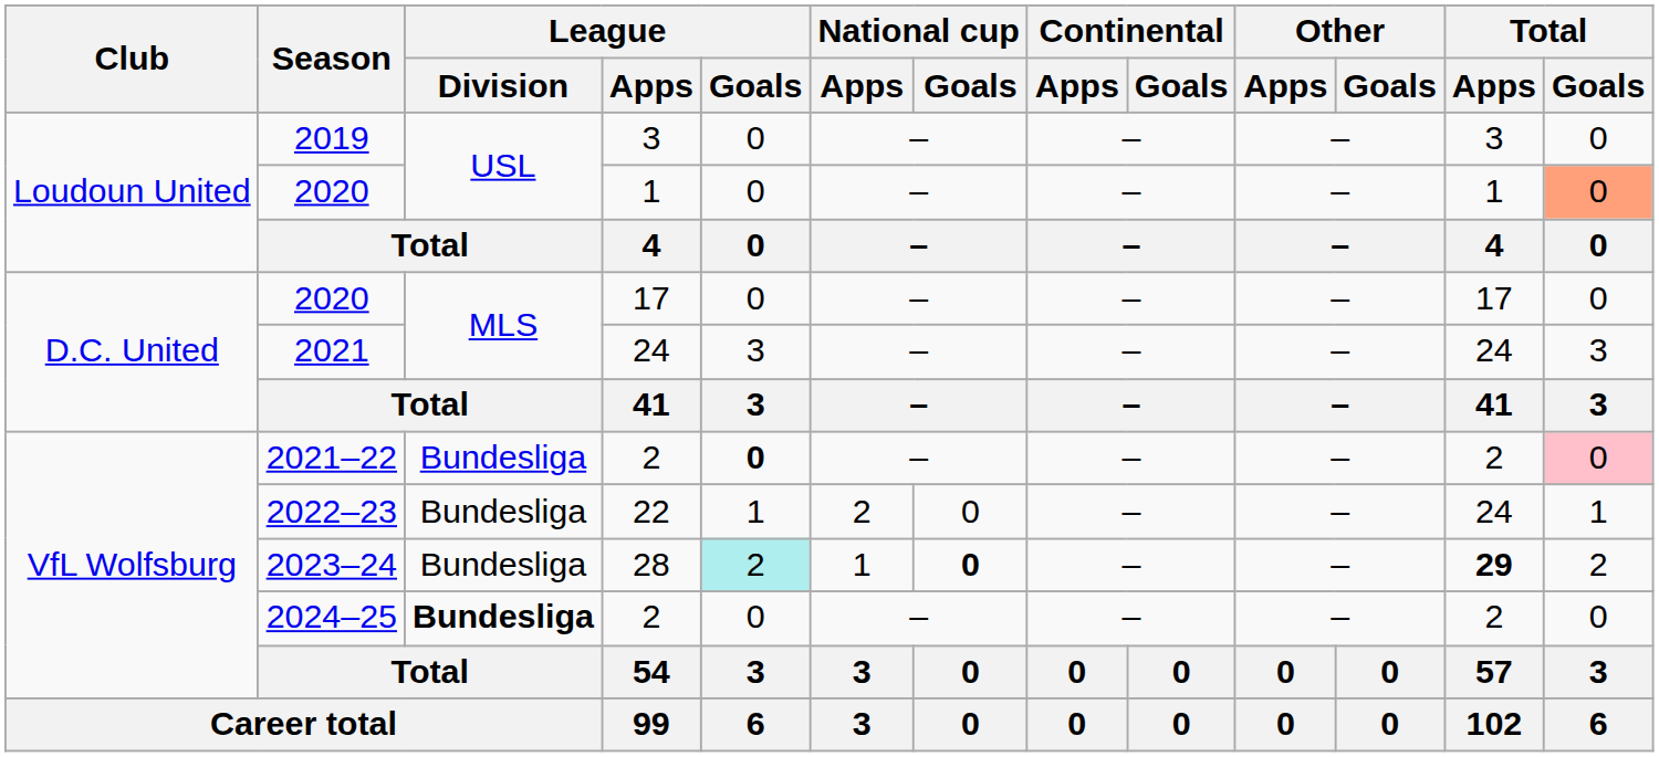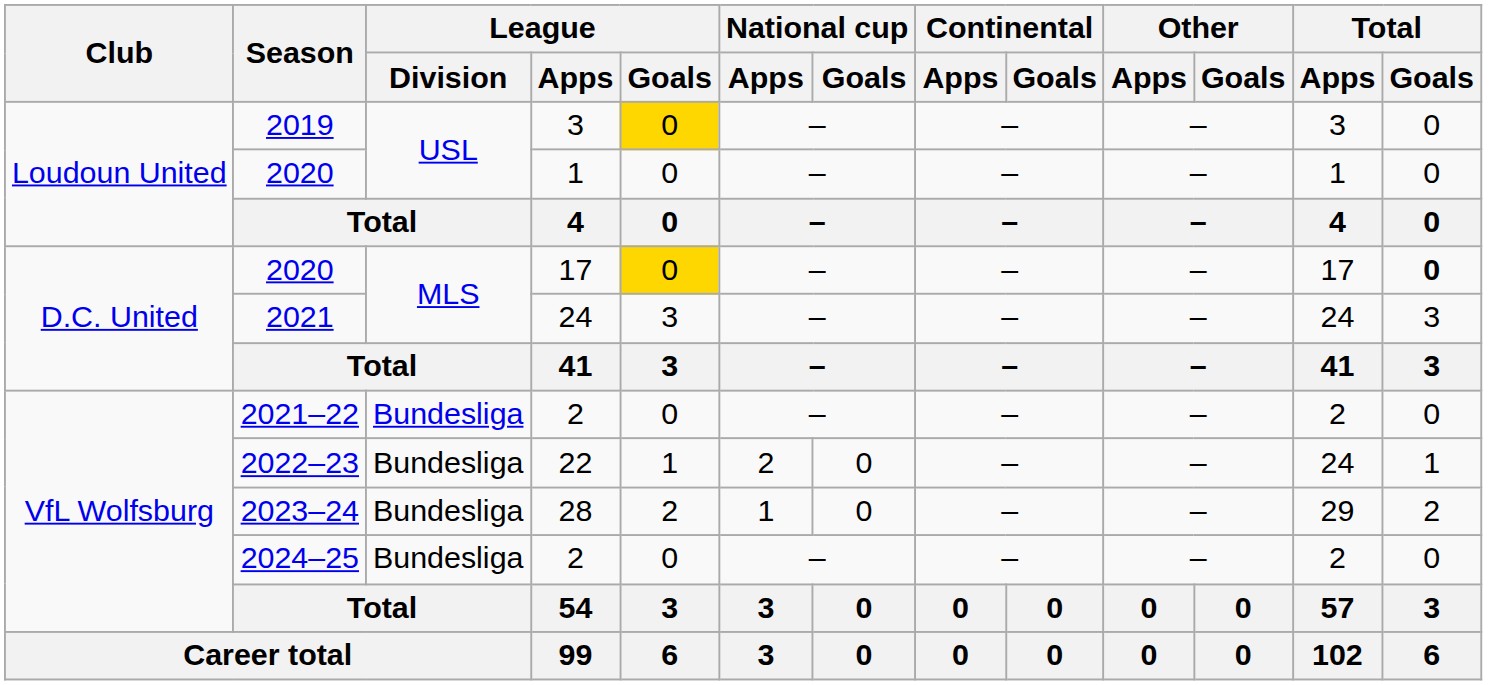 <table class="wikitable" style="text-align: center">
 <tr>
 <th rowspan="2">Club</th>
 <th rowspan="2">Season</th>
 <th colspan="3">League</th>
 <th colspan="2">National cup</th>
 <th colspan="2">Continental</th>
 <th colspan="2">Other</th>
 <th colspan="2">Total</th>
 </tr>
 <tr>
 <th>Division</th>
 <th>Apps</th>
 <th>Goals</th>
 <th>Apps</th>
 <th>Goals</th>
 <th>Apps</th>
 <th>Goals</th>
 <th>Apps</th>
 <th>Goals</th>
 <th>Apps</th>
 <th>Goals</th>
 </tr>
 <tr>
 <td rowspan=3><a href='#'>Loudoun United</a></td>
 <td><a href='#'>2019</a></td>
 <td rowspan="2"><a href='#'>USL</a></td>
 <td>3</td>
-<td>0</td>
+<td style="background: gold;">0</td>
 <td colspan="2">–</td>
 <td colspan="2">–</td>
 <td colspan="2">–</td>
 <td>3</td>
 <td>0</td>
 </tr>
 <tr>
 <td><a href='#'>2020</a></td>
 <td>1</td>
 <td>0</td>
 <td colspan="2">–</td>
 <td colspan="2">–</td>
 <td colspan="2">–</td>
 <td>1</td>
-<td style="background: lightsalmon;">0</td>
+<td>0</td>
 </tr>
 <tr>
 <th colspan="2"><strong>Total</strong></th>
 <th>4</th>
 <th>0</th>
 <th colspan="2">–</th>
 <th colspan="2">–</th>
 <th colspan="2">–</th>
 <th>4</th>
 <th>0</th>
 </tr>
 <tr>
 <td rowspan=3><a href='#'>D.C. United</a></td>
 <td><a href='#'>2020</a></td>
 <td rowspan="2"><a href='#'>MLS</a></td>
 <td>17</td>
-<td>0</td>
+<td style="background: gold;">0</td>
 <td colspan="2">–</td>
 <td colspan="2">–</td>
 <td colspan="2">–</td>
 <td>17</td>
-<td>0</td>
+<td><strong>0</strong></td>
 </tr>
 <tr>
 <td><a href='#'>2021</a></td>
 <td>24</td>
 <td>3</td>
 <td colspan="2">–</td>
 <td colspan="2">–</td>
 <td colspan="2">–</td>
 <td>24</td>
 <td>3</td>
 </tr>
 <tr>
 <th colspan="2"><strong>Total</strong></th>
 <th>41</th>
 <th>3</th>
 <th colspan="2">–</th>
 <th colspan="2">–</th>
 <th colspan="2">–</th>
 <th>41</th>
 <th>3</th>
 </tr>
 <tr>
 <td rowspan=5><a href='#'>VfL Wolfsburg</a></td>
 <td><a href='#'>2021–22</a></td>
 <td><a href='#'>Bundesliga</a></td>
 <td>2</td>
-<td><strong>0</strong></td>
+<td>0</td>
 <td colspan="2">–</td>
 <td colspan="2">–</td>
 <td colspan="2">–</td>
 <td>2</td>
-<td style="background: pink;">0</td>
+<td>0</td>
 </tr>
 <tr>
 <td><a href='#'>2022–23</a></td>
 <td>Bundesliga</td>
 <td>22</td>
 <td>1</td>
 <td>2</td>
 <td>0</td>
 <td colspan="2">–</td>
 <td colspan="2">–</td>
 <td>24</td>
 <td>1</td>
 </tr>
 <tr>
 <td><a href='#'>2023–24</a></td>
 <td>Bundesliga</td>
 <td>28</td>
-<td style="background: paleturquoise;">2</td>
+<td>2</td>
 <td>1</td>
-<td><strong>0</strong></td>
+<td>0</td>
 <td colspan="2">–</td>
 <td colspan="2">–</td>
-<td><strong>29</strong></td>
+<td>29</td>
 <td>2</td>
 </tr>
 <tr>
 <td><a href='#'>2024–25</a></td>
-<td><strong>Bundesliga</strong></td>
+<td>Bundesliga</td>
 <td>2</td>
 <td>0</td>
 <td colspan="2">–</td>
 <td colspan="2">–</td>
 <td colspan="2">–</td>
 <td>2</td>
 <td>0</td>
 </tr>
 <tr>
 <th colspan="2"><strong>Total</strong></th>
 <th>54</th>
 <th>3</th>
 <th>3</th>
 <th>0</th>
 <th>0</th>
 <th>0</th>
 <th>0</th>
 <th>0</th>
 <th>57</th>
 <th>3</th>
 </tr>
 <tr>
 <th colspan="3"><strong>Career total</strong></th>
 <th>99</th>
 <th>6</th>
 <th>3</th>
 <th>0</th>
 <th>0</th>
 <th>0</th>
 <th>0</th>
 <th>0</th>
 <th>102</th>
 <th>6</th>
 </tr>
 </table>
